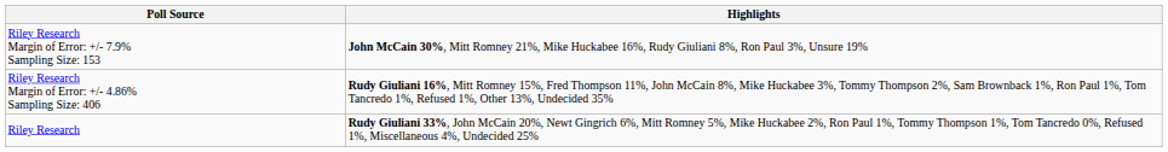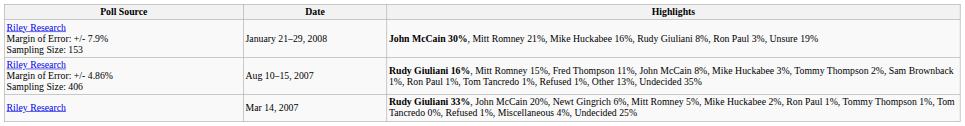 <table class="wikitable sortable">
 <tr>
 <th width="25%">Poll Source</th>
+<th width="15%">Date</th>
 <th width="60%">Highlights</th>
 </tr>
 <tr>
 <td><a href='#'>Riley Research</a><br>Margin of Error: +/- 7.9%<br> Sampling Size: 153</td>
+<td>January 21–29, 2008</td>
 <td><strong>John McCain 30%</strong>, Mitt Romney 21%, Mike Huckabee 16%, Rudy Giuliani 8%, Ron Paul 3%, Unsure 19%</td>
 </tr>
 <tr>
 <td><a href='#'>Riley Research</a><br>Margin of Error: +/- 4.86%<br> Sampling Size: 406</td>
+<td>Aug 10–15, 2007</td>
 <td><strong>Rudy Giuliani 16%</strong>, Mitt Romney 15%, Fred Thompson 11%, John McCain 8%, Mike Huckabee 3%, Tommy Thompson 2%, Sam Brownback 1%, Ron Paul 1%, Tom Tancredo 1%, Refused 1%, Other 13%, Undecided 35%</td>
 </tr>
 <tr>
 <td><a href='#'>Riley Research</a></td>
+<td>Mar 14, 2007</td>
 <td><strong>Rudy Giuliani 33%</strong>, John McCain 20%, Newt Gingrich 6%, Mitt Romney 5%, Mike Huckabee 2%, Ron Paul 1%, Tommy Thompson 1%, Tom Tancredo 0%, Refused 1%, Miscellaneous 4%, Undecided 25%</td>
 </tr>
 </table>
